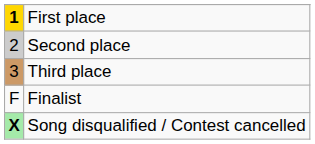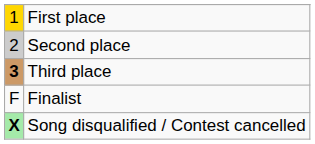 <table class="wikitable">
 <tr>
 </tr>
 <tr>
-<td style="text-align:center; background-color:#FFD700;"><strong>1</strong></td>
+<td style="text-align:center; background-color:#FFD700;">1</td>
 <td>First place</td>
 </tr>
 <tr>
 <td style="text-align:center; background-color:#CCC;">2</td>
 <td>Second place</td>
 </tr>
 <tr>
-<td style="text-align:center; background-color:#C96;">3</td>
+<td style="text-align:center; background-color:#C96;"><strong>3</strong></td>
 <td>Third place</td>
 </tr>
 <tr>
 <td style="text-align:center;">F</td>
 <td>Finalist</td>
 </tr>
 <tr>
 <td style="text-align:center; background-color:#A4EAA9;"><strong>X</strong></td>
 <td>Song disqualified / Contest cancelled</td>
 </tr>
 </table>
